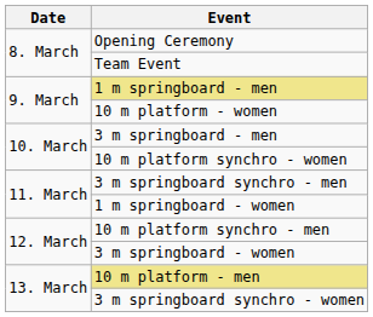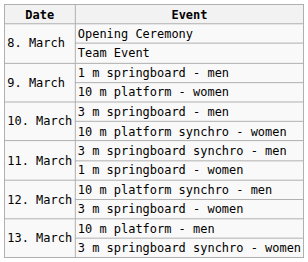 <table class="wikitable">
 <tr>
 <th>Date</th>
 <th>Event</th>
 </tr>
 <tr>
 <td rowspan=2>8. March</td>
 <td>Opening Ceremony</td>
 </tr>
 <tr>
 <td>Team Event</td>
 </tr>
 <tr>
 <td rowspan=2>9. March</td>
-<td style="background: khaki;">1 m springboard - men</td>
+<td>1 m springboard - men</td>
 </tr>
 <tr>
 <td>10 m platform - women</td>
 </tr>
 <tr>
 <td rowspan=2>10. March</td>
 <td>3 m springboard - men</td>
 </tr>
 <tr>
 <td>10 m platform synchro - women</td>
 </tr>
 <tr>
 <td rowspan=2>11. March</td>
 <td>3 m springboard synchro - men</td>
 </tr>
 <tr>
 <td>1 m springboard - women</td>
 </tr>
 <tr>
 <td rowspan=2>12. March</td>
 <td>10 m platform synchro - men</td>
 </tr>
 <tr>
 <td>3 m springboard - women</td>
 </tr>
 <tr>
 <td rowspan=2>13. March</td>
-<td style="background: khaki;">10 m platform - men</td>
+<td>10 m platform - men</td>
 </tr>
 <tr>
 <td>3 m springboard synchro - women</td>
 </tr>
 </table>
